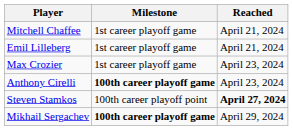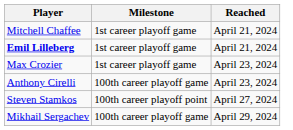 <table class="wikitable sortable">
 <tr align=center>
 <th>Player</th>
 <th>Milestone</th>
 <th data-sort-type="date">Reached</th>
 </tr>
 <tr>
 <td><a href='#'>Mitchell Chaffee</a></td>
 <td>1st career playoff game</td>
 <td>April 21, 2024</td>
 </tr>
 <tr>
-<td><a href='#'>Emil Lilleberg</a></td>
+<td><strong><a href='#'>Emil Lilleberg</a></strong></td>
 <td>1st career playoff game</td>
 <td>April 21, 2024</td>
 </tr>
 <tr>
 <td><a href='#'>Max Crozier</a></td>
 <td>1st career playoff game</td>
 <td>April 23, 2024</td>
 </tr>
 <tr>
 <td><a href='#'>Anthony Cirelli</a></td>
-<td><strong>100th career playoff game</strong></td>
+<td>100th career playoff game</td>
 <td>April 23, 2024</td>
 </tr>
 <tr>
 <td><a href='#'>Steven Stamkos</a></td>
 <td>100th career playoff point</td>
-<td><strong>April 27, 2024</strong></td>
+<td>April 27, 2024</td>
 </tr>
 <tr>
 <td><a href='#'>Mikhail Sergachev</a></td>
-<td><strong>100th career playoff game</strong></td>
+<td>100th career playoff game</td>
 <td>April 29, 2024</td>
 </tr>
 </table>
